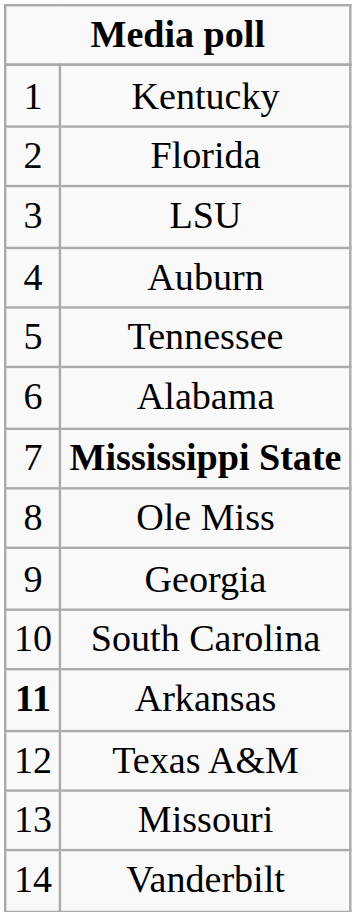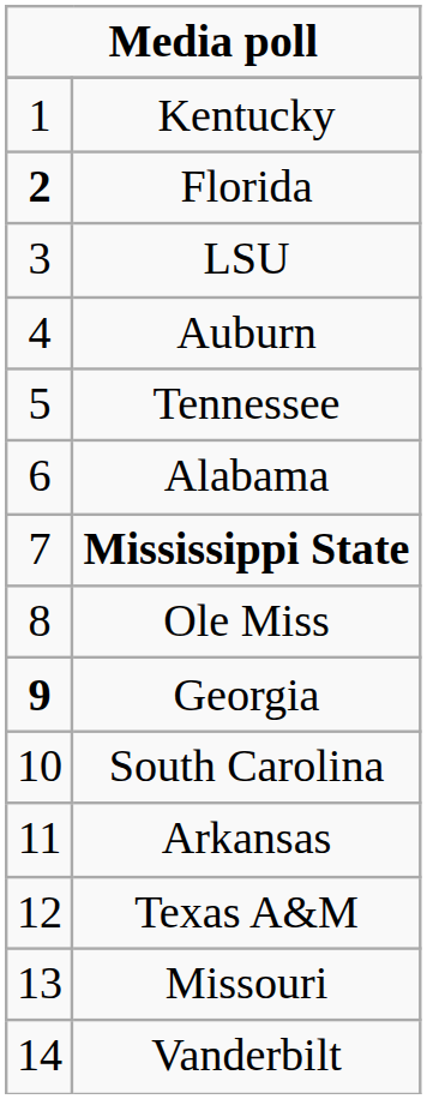 <table class="wikitable">
 <tr align="center">
 <td align="center" Colspan="3"><strong>Media poll</strong></td>
 </tr>
 <tr align="center">
 </tr>
 <tr align="center">
 <td>1</td>
 <td>Kentucky</td>
 </tr>
 <tr align="center">
-<td>2</td>
+<td><strong>2</strong></td>
 <td>Florida</td>
 </tr>
 <tr align="center">
 <td>3</td>
 <td>LSU</td>
 </tr>
 <tr align="center">
 <td>4</td>
 <td>Auburn</td>
 </tr>
 <tr align="center">
 <td>5</td>
 <td>Tennessee</td>
 </tr>
 <tr align="center">
 <td>6</td>
 <td>Alabama</td>
 </tr>
 <tr align="center">
 <td>7</td>
 <td><strong>Mississippi State</strong></td>
 </tr>
 <tr align="center">
 <td>8</td>
 <td>Ole Miss</td>
 </tr>
 <tr align="center">
-<td>9</td>
+<td><strong>9</strong></td>
 <td>Georgia</td>
 </tr>
 <tr align="center">
 <td>10</td>
 <td>South Carolina</td>
 </tr>
 <tr align="center">
-<td><strong>11</strong></td>
+<td>11</td>
 <td>Arkansas</td>
 </tr>
 <tr align="center">
 <td>12</td>
 <td>Texas A&M</td>
 </tr>
 <tr align="center">
 <td>13</td>
 <td>Missouri</td>
 </tr>
 <tr align="center">
 <td>14</td>
 <td>Vanderbilt</td>
 </tr>
 </table>
